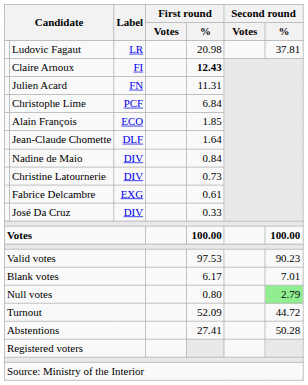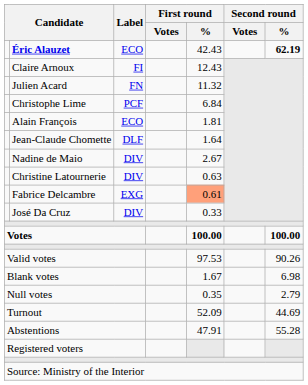 <table class="wikitable" style="text-align:right;font-size:95%;">
 <tr>
 <th rowspan="2" colspan="2">Candidate</th>
 <th rowspan="2">Label</th>
 <th colspan="2">First round</th>
 <th colspan="2">Second round</th>
 </tr>
 <tr>
 <th style="width:50px;">Votes</th>
 <th style="width:45px;">%</th>
 <th style="width:50px;">Votes</th>
 <th style="width:45px;">%</th>
 </tr>
 <tr>
 <td style="color:inherit;background:"></td>
-<td style="text-align:left;">Ludovic Fagaut</td>
-<td><a href='#'>LR</a></td>
+<td style="text-align:left;"><strong><a href='#'>Éric Alauzet</a></strong></td>
+<td><a href='#'>ECO</a></td>
 <td></td>
-<td>20.98</td>
-<td></td>
-<td>37.81</td>
+<td>42.43</td>
+<td><strong></strong></td>
+<td><strong>62.19</strong></td>
 </tr>
 <tr>
 <td style="color:inherit;background:"></td>
 <td style="text-align:left;">Claire Arnoux</td>
 <td><a href='#'>FI</a></td>
 <td></td>
-<td><strong>12.43</strong></td>
+<td>12.43</td>
 <td colspan="2" rowspan="9" style="background:#E9E9E9;"></td>
 </tr>
 <tr>
 <td style="color:inherit;background:"></td>
 <td style="text-align:left;">Julien Acard</td>
 <td><a href='#'>FN</a></td>
 <td></td>
-<td>11.31</td>
+<td>11.32</td>
 </tr>
 <tr>
 <td style="color:inherit;background:"></td>
 <td style="text-align:left;">Christophe Lime</td>
 <td><a href='#'>PCF</a></td>
 <td></td>
 <td>6.84</td>
 </tr>
 <tr>
 <td style="color:inherit;background:"></td>
 <td style="text-align:left;">Alain François</td>
 <td><a href='#'>ECO</a></td>
 <td></td>
-<td>1.85</td>
+<td>1.81</td>
 </tr>
 <tr>
 <td style="color:inherit;background:"></td>
 <td style="text-align:left;">Jean-Claude Chomette</td>
 <td><a href='#'>DLF</a></td>
 <td></td>
 <td>1.64</td>
 </tr>
 <tr>
 <td style="color:inherit;background:"></td>
 <td style="text-align:left;">Nadine de Maio</td>
 <td><a href='#'>DIV</a></td>
 <td></td>
-<td>0.84</td>
+<td>2.67</td>
 </tr>
 <tr>
 <td style="color:inherit;background:"></td>
 <td style="text-align:left;">Christine Latournerie</td>
 <td><a href='#'>DIV</a></td>
 <td></td>
-<td>0.73</td>
+<td>0.63</td>
 </tr>
 <tr>
 <td style="color:inherit;background:"></td>
 <td style="text-align:left;">Fabrice Delcambre</td>
 <td><a href='#'>EXG</a></td>
 <td></td>
-<td>0.61</td>
+<td style="background: lightsalmon;">0.61</td>
 </tr>
 <tr>
 <td style="color:inherit;background:"></td>
 <td style="text-align:left;">José Da Cruz</td>
 <td><a href='#'>DIV</a></td>
 <td></td>
 <td>0.33</td>
 </tr>
 <tr>
 <td colspan="7" style="background:#E9E9E9;"></td>
 </tr>
 <tr style="font-weight:bold;">
 <td colspan="3" style="text-align:left;">Votes</td>
 <td></td>
 <td>100.00</td>
 <td></td>
 <td>100.00</td>
 </tr>
 <tr>
 <td colspan="7" style="background:#E9E9E9;"></td>
 </tr>
 <tr>
 <td colspan="3" style="text-align:left;">Valid votes</td>
 <td></td>
 <td>97.53</td>
 <td></td>
-<td>90.23</td>
+<td>90.26</td>
 </tr>
 <tr>
 <td colspan="3" style="text-align:left;">Blank votes</td>
 <td></td>
-<td>6.17</td>
+<td>1.67</td>
 <td></td>
-<td>7.01</td>
+<td>6.98</td>
 </tr>
 <tr>
 <td colspan="3" style="text-align:left;">Null votes</td>
 <td></td>
-<td>0.80</td>
+<td>0.35</td>
 <td></td>
-<td style="background: lightgreen;">2.79</td>
+<td>2.79</td>
 </tr>
 <tr>
 <td colspan="3" style="text-align:left;">Turnout</td>
 <td></td>
 <td>52.09</td>
 <td></td>
-<td>44.72</td>
+<td>44.69</td>
 </tr>
 <tr>
 <td colspan="3" style="text-align:left;">Abstentions</td>
 <td></td>
-<td>27.41</td>
+<td>47.91</td>
 <td></td>
-<td>50.28</td>
+<td>55.28</td>
 </tr>
 <tr>
 <td colspan="3" style="text-align:left;">Registered voters</td>
 <td></td>
 <td style="background:#E9E9E9;"></td>
 <td></td>
 <td style="background:#E9E9E9;"></td>
 </tr>
 <tr>
 <td colspan="7" style="background:#E9E9E9;"></td>
 </tr>
 <tr>
 <td colspan="7" style="text-align:left;">Source: Ministry of the Interior</td>
 </tr>
 </table>
